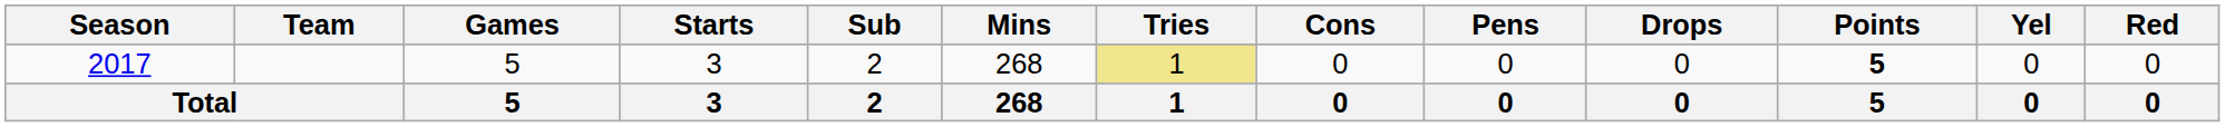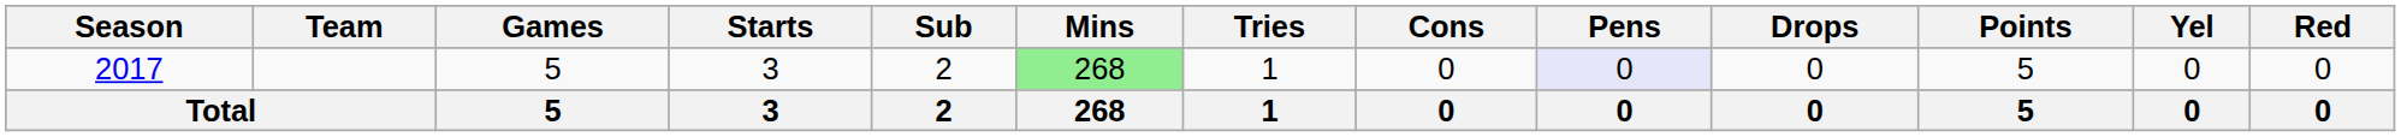 <table class="wikitable" style="text-align:center; line-height:90%; font-size:95%; width:60%;">
 <tr>
 <th>Season</th>
 <th>Team</th>
 <th>Games</th>
 <th>Starts</th>
 <th>Sub</th>
 <th>Mins</th>
 <th>Tries</th>
 <th>Cons</th>
 <th>Pens</th>
 <th>Drops</th>
 <th>Points</th>
 <th>Yel</th>
 <th>Red</th>
 </tr>
 <tr>
 <td><a href='#'>2017</a></td>
 <td></td>
 <td>5</td>
 <td>3</td>
 <td>2</td>
-<td>268</td>
-<td style="background: khaki;">1</td>
+<td style="background: lightgreen;">268</td>
+<td>1</td>
 <td>0</td>
+<td style="background: lavender;">0</td>
 <td>0</td>
-<td>0</td>
-<td><strong>5</strong></td>
+<td>5</td>
 <td>0</td>
 <td>0</td>
 </tr>
 <tr>
 <th colspan="2">Total</th>
 <th>5</th>
 <th>3</th>
 <th>2</th>
 <th>268</th>
 <th>1</th>
 <th>0</th>
 <th>0</th>
 <th>0</th>
 <th>5</th>
 <th>0</th>
 <th>0</th>
 </tr>
 </table>
